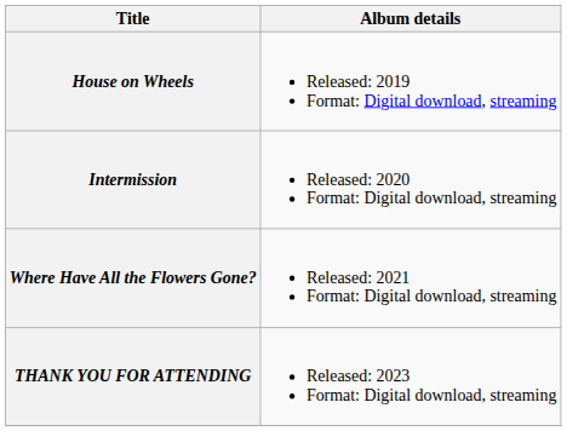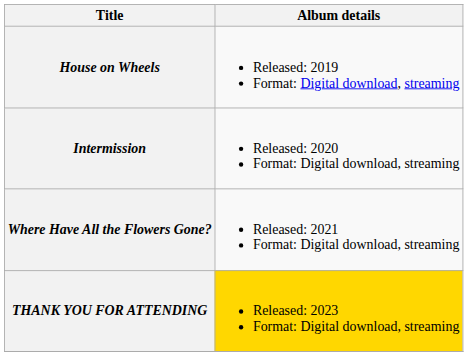 <table class="wikitable plainrowheaders">
 <tr>
 <th scope="col">Title</th>
 <th scope="col">Album details</th>
 </tr>
 <tr>
 <th scope="row"><em>House on Wheels</em></th>
 <td><br><ul><li>Released: 2019</li><li>Format: <a href='#'>Digital download</a>, <a href='#'>streaming</a></li></ul></td>
 </tr>
 <tr>
 <th scope="row"><em>Intermission</em></th>
 <td><br><ul><li>Released: 2020</li><li>Format: Digital download, streaming</li></ul></td>
 </tr>
 <tr>
 <th scope="row"><em>Where Have All the Flowers Gone?</em></th>
 <td><br><ul><li>Released: 2021</li><li>Format: Digital download, streaming</li></ul></td>
 </tr>
 <tr>
 <th scope="row"><em>THANK YOU FOR ATTENDING</em></th>
-<td><br><ul><li>Released: 2023</li><li>Format: Digital download, streaming</li></ul></td>
+<td style="background: gold;"><br><ul><li>Released: 2023</li><li>Format: Digital download, streaming</li></ul></td>
 </tr>
 <tr>
 </tr>
 </table>
